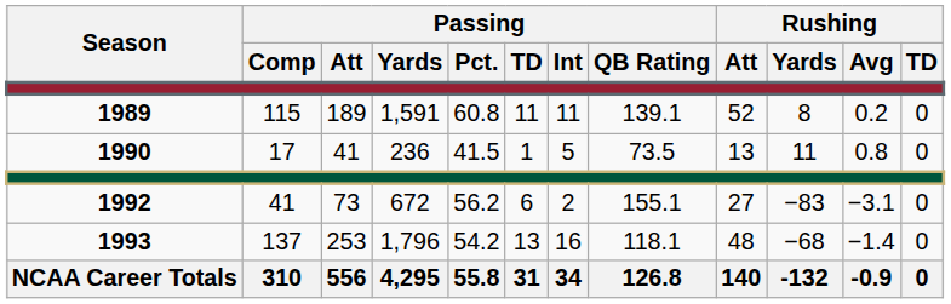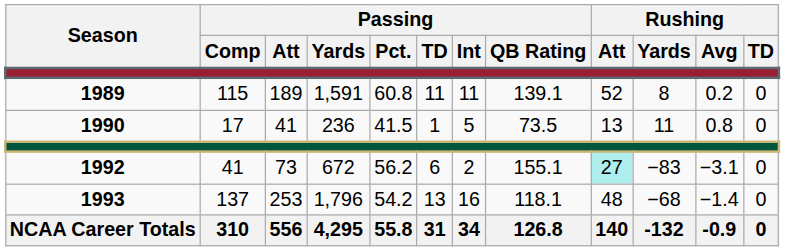 <table class=wikitable style="text-align:center;">
 <tr>
 <th rowspan=2>Season</th>
 <th colspan=7>Passing</th>
 <th colspan=4>Rushing</th>
 </tr>
 <tr>
 <th>Comp</th>
 <th>Att</th>
 <th>Yards</th>
 <th>Pct.</th>
 <th>TD</th>
 <th>Int</th>
 <th>QB Rating</th>
 <th>Att</th>
 <th>Yards</th>
 <th>Avg</th>
 <th>TD</th>
 </tr>
 <tr>
 <td ! colspan="12" style="background: #981e32; border: 2px solid #5E6A71; color:#FFFFFF;"></td>
 </tr>
 <tr>
 <td><strong>1989</strong></td>
 <td>115</td>
 <td>189</td>
 <td>1,591</td>
 <td>60.8</td>
 <td>11</td>
 <td>11</td>
 <td>139.1</td>
 <td>52</td>
 <td>8</td>
 <td>0.2</td>
 <td>0</td>
 </tr>
 <tr>
 <td><strong>1990</strong></td>
 <td>17</td>
 <td>41</td>
 <td>236</td>
 <td>41.5</td>
 <td>1</td>
 <td>5</td>
 <td>73.5</td>
 <td>13</td>
 <td>11</td>
 <td>0.8</td>
 <td>0</td>
 </tr>
 <tr>
 <td ! colspan="12" style="background: #00563C; border: 2px solid #CAB577; color:white;"></td>
 </tr>
 <tr>
 <td><strong>1992</strong></td>
 <td>41</td>
 <td>73</td>
 <td>672</td>
 <td>56.2</td>
 <td>6</td>
 <td>2</td>
 <td>155.1</td>
-<td>27</td>
+<td style="background: paleturquoise;">27</td>
 <td>−83</td>
 <td>−3.1</td>
 <td>0</td>
 </tr>
 <tr>
 <td><strong>1993</strong></td>
 <td>137</td>
 <td>253</td>
 <td>1,796</td>
 <td>54.2</td>
 <td>13</td>
 <td>16</td>
 <td>118.1</td>
 <td>48</td>
 <td>−68</td>
 <td>−1.4</td>
 <td>0</td>
 </tr>
 <tr>
 <th>NCAA Career Totals</th>
 <th>310</th>
 <th>556</th>
 <th>4,295</th>
 <th>55.8</th>
 <th>31</th>
 <th>34</th>
 <th>126.8</th>
 <th>140</th>
 <th>-132</th>
 <th>-0.9</th>
 <th>0</th>
 </tr>
 </table>
